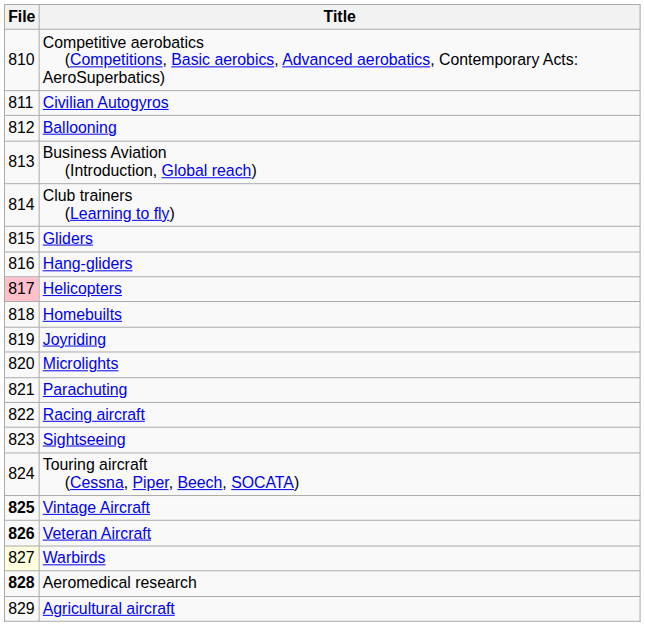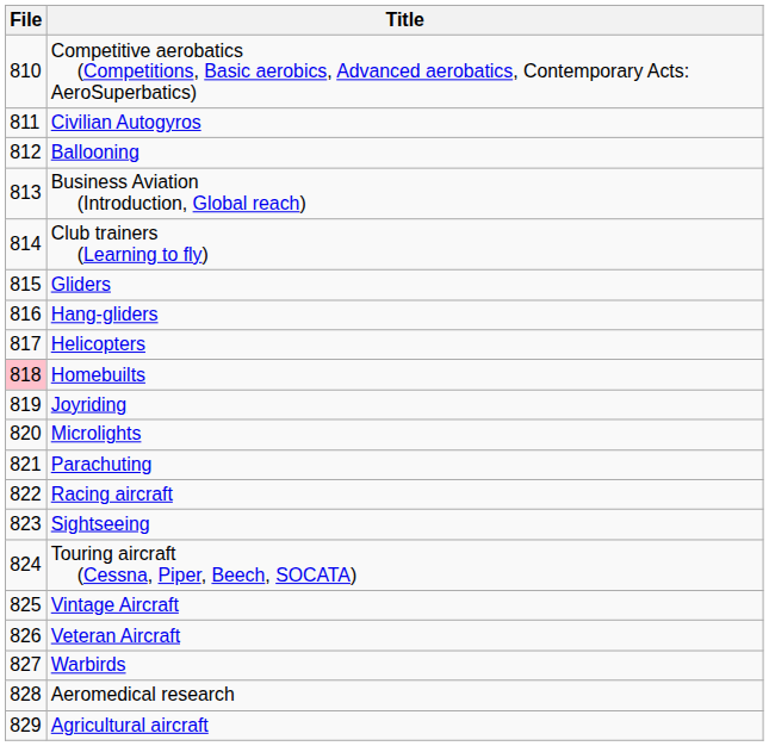 <table class="wikitable collapsible collapsed" border="1">
 <tr>
 <th>File</th>
 <th width=600>Title</th>
 </tr>
 <tr>
 <td>810</td>
 <td>Competitive aerobatics <br>     (<a href='#'>Competitions</a>, <a href='#'>Basic aerobics</a>, <a href='#'>Advanced aerobatics</a>, Contemporary Acts: AeroSuperbatics)</td>
 </tr>
 <tr>
 <td>811</td>
 <td><a href='#'>Civilian Autogyros</a></td>
 </tr>
 <tr>
 <td>812</td>
 <td><a href='#'>Ballooning</a></td>
 </tr>
 <tr>
 <td>813</td>
 <td>Business Aviation <br>     (Introduction, <a href='#'>Global reach</a>)</td>
 </tr>
 <tr>
 <td>814</td>
 <td>Club trainers <br>     (<a href='#'>Learning to fly</a>)</td>
 </tr>
 <tr>
 <td>815</td>
 <td><a href='#'>Gliders</a></td>
 </tr>
 <tr>
 <td>816</td>
 <td><a href='#'>Hang-gliders</a></td>
 </tr>
 <tr>
-<td style="background: pink;">817</td>
+<td>817</td>
 <td><a href='#'>Helicopters</a></td>
 </tr>
 <tr>
-<td>818</td>
+<td style="background: pink;">818</td>
 <td><a href='#'>Homebuilts</a></td>
 </tr>
 <tr>
 <td>819</td>
 <td><a href='#'>Joyriding</a></td>
 </tr>
 <tr>
 <td>820</td>
 <td><a href='#'>Microlights</a></td>
 </tr>
 <tr>
 <td>821</td>
 <td><a href='#'>Parachuting</a></td>
 </tr>
 <tr>
 <td>822</td>
 <td><a href='#'>Racing aircraft</a></td>
 </tr>
 <tr>
 <td>823</td>
 <td><a href='#'>Sightseeing</a></td>
 </tr>
 <tr>
 <td>824</td>
 <td>Touring aircraft <br>     (<a href='#'>Cessna</a>, <a href='#'>Piper</a>, <a href='#'>Beech</a>, <a href='#'>SOCATA</a>)</td>
 </tr>
 <tr>
-<td><strong>825</strong></td>
+<td>825</td>
 <td><a href='#'>Vintage Aircraft</a></td>
 </tr>
 <tr>
-<td><strong>826</strong></td>
+<td>826</td>
 <td><a href='#'>Veteran Aircraft</a></td>
 </tr>
 <tr>
-<td style="background: lightyellow;">827</td>
+<td>827</td>
 <td><a href='#'>Warbirds</a></td>
 </tr>
 <tr>
-<td><strong>828</strong></td>
+<td>828</td>
 <td>Aeromedical research</td>
 </tr>
 <tr>
 <td>829</td>
 <td><a href='#'>Agricultural aircraft</a></td>
 </tr>
 </table>
